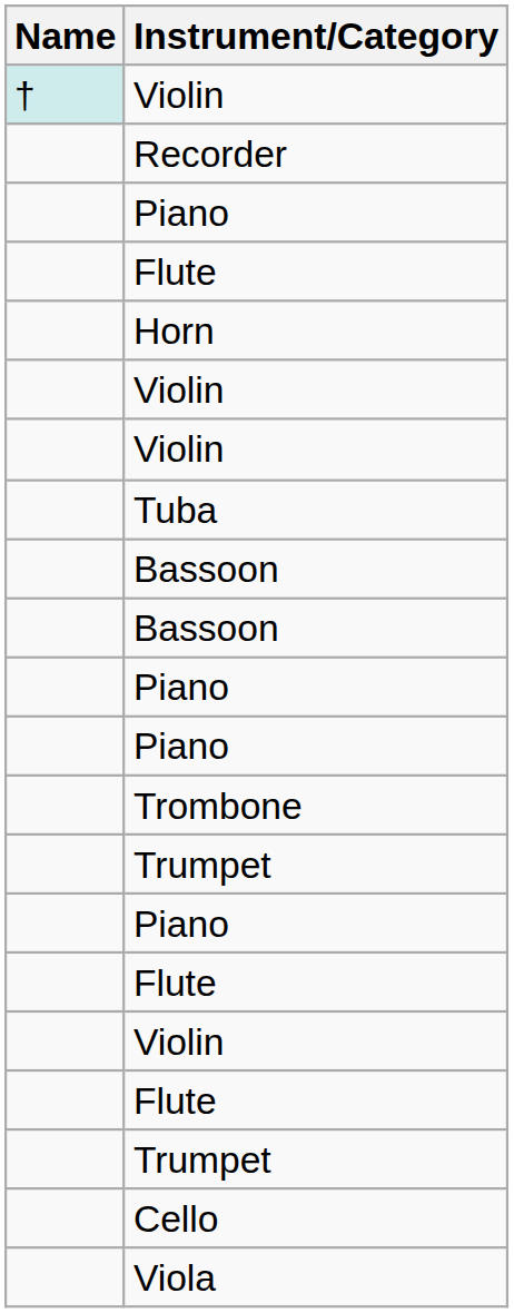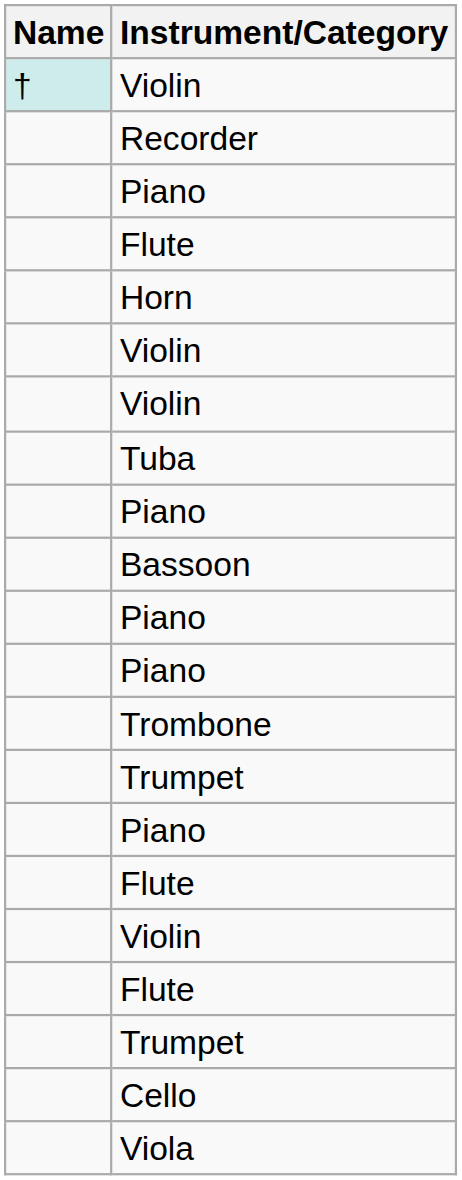 <table class="wikitable sortable" style="font-size: 95%">
 <tr>
 <th>Name</th>
 <th>Instrument/Category</th>
 </tr>
 <tr>
 <td bgcolor="#CFECEC"><strong></strong>†</td>
 <td>Violin</td>
 </tr>
 <tr>
 <td></td>
 <td>Recorder</td>
 </tr>
 <tr>
 <td></td>
 <td>Piano</td>
 </tr>
 <tr>
 <td><strong></strong></td>
 <td>Flute</td>
 </tr>
 <tr>
 <td></td>
 <td>Horn</td>
 </tr>
 <tr>
 <td></td>
 <td>Violin</td>
 </tr>
 <tr>
 <td></td>
 <td>Violin</td>
 </tr>
 <tr>
 <td></td>
 <td>Tuba</td>
 </tr>
 <tr>
 <td><strong></strong></td>
-<td>Bassoon</td>
+<td>Piano</td>
 </tr>
 <tr>
 <td></td>
 <td>Bassoon</td>
 </tr>
 <tr>
 <td></td>
 <td>Piano</td>
 </tr>
 <tr>
 <td></td>
 <td>Piano</td>
 </tr>
 <tr>
 <td><strong></strong></td>
 <td>Trombone</td>
 </tr>
 <tr>
 <td></td>
 <td>Trumpet</td>
 </tr>
 <tr>
 <td></td>
 <td>Piano</td>
 </tr>
 <tr>
 <td></td>
 <td>Flute</td>
 </tr>
 <tr>
 <td></td>
 <td>Violin</td>
 </tr>
 <tr>
 <td></td>
 <td>Flute</td>
 </tr>
 <tr>
 <td></td>
 <td>Trumpet</td>
 </tr>
 <tr>
 <td></td>
 <td>Cello</td>
 </tr>
 <tr>
 <td></td>
 <td>Viola</td>
 </tr>
 </table>
